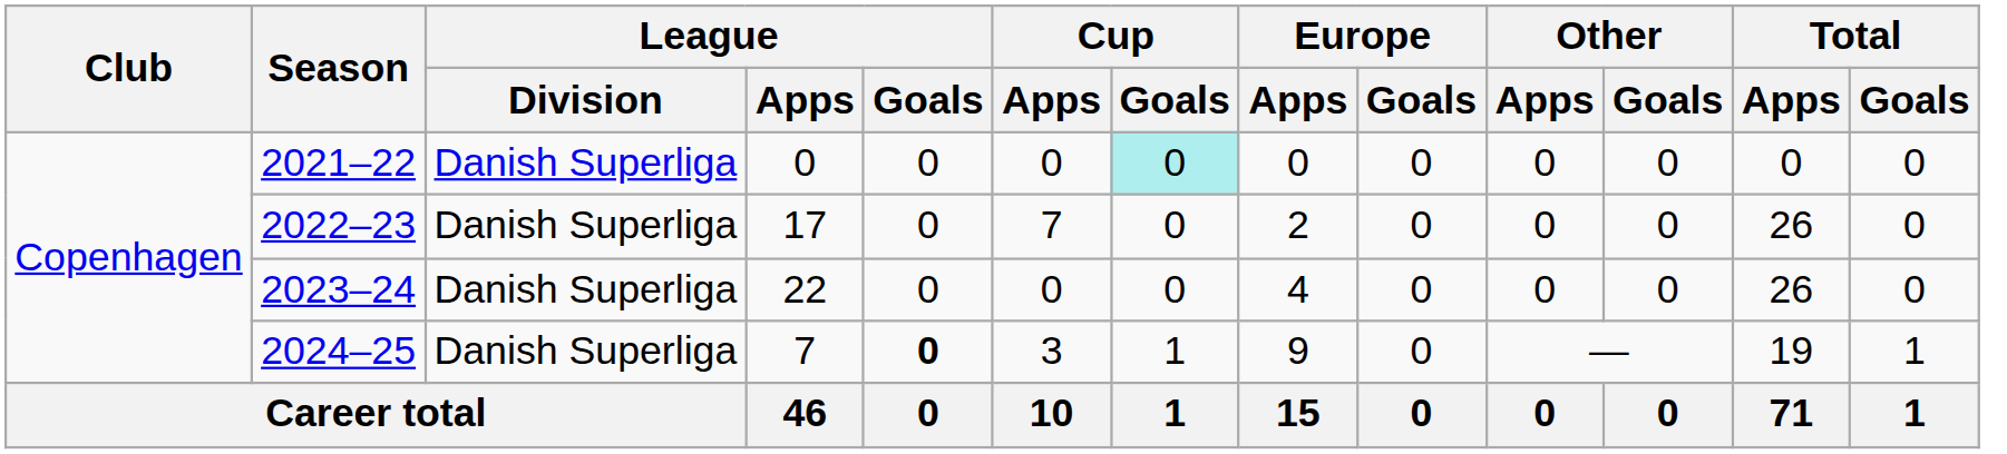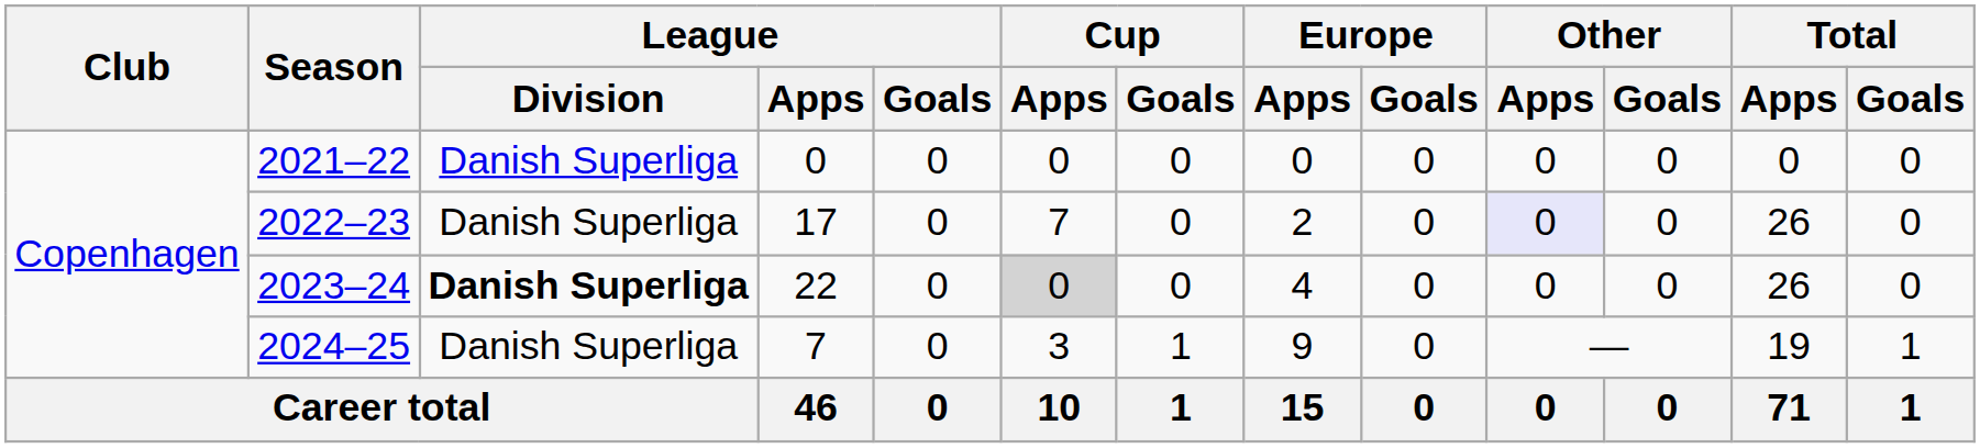 <table class="wikitable" style="text-align:center">
 <tr>
 <th rowspan="2">Club</th>
 <th rowspan="2">Season</th>
 <th colspan="3">League</th>
 <th colspan="2">Cup</th>
 <th colspan="2">Europe</th>
 <th colspan="2">Other</th>
 <th colspan="2">Total</th>
 </tr>
 <tr>
 <th>Division</th>
 <th>Apps</th>
 <th>Goals</th>
 <th>Apps</th>
 <th>Goals</th>
 <th>Apps</th>
 <th>Goals</th>
 <th>Apps</th>
 <th>Goals</th>
 <th>Apps</th>
 <th>Goals</th>
 </tr>
 <tr>
 <td rowspan="4"><a href='#'>Copenhagen</a></td>
 <td><a href='#'>2021–22</a></td>
 <td><a href='#'>Danish Superliga</a></td>
 <td>0</td>
 <td>0</td>
 <td>0</td>
-<td style="background: paleturquoise;">0</td>
+<td>0</td>
 <td>0</td>
 <td>0</td>
 <td>0</td>
 <td>0</td>
 <td>0</td>
 <td>0</td>
 </tr>
 <tr>
 <td><a href='#'>2022–23</a></td>
 <td>Danish Superliga</td>
 <td>17</td>
 <td>0</td>
 <td>7</td>
 <td>0</td>
 <td>2</td>
 <td>0</td>
-<td>0</td>
+<td style="background: lavender;">0</td>
 <td>0</td>
 <td>26</td>
 <td>0</td>
 </tr>
 <tr>
 <td><a href='#'>2023–24</a></td>
-<td>Danish Superliga</td>
+<td><strong>Danish Superliga</strong></td>
 <td>22</td>
 <td>0</td>
-<td>0</td>
+<td style="background: lightgrey;">0</td>
 <td>0</td>
 <td>4</td>
 <td>0</td>
 <td>0</td>
 <td>0</td>
 <td>26</td>
 <td>0</td>
 </tr>
 <tr>
 <td><a href='#'>2024–25</a></td>
 <td>Danish Superliga</td>
 <td>7</td>
-<td><strong>0</strong></td>
+<td>0</td>
 <td>3</td>
 <td>1</td>
 <td>9</td>
 <td>0</td>
 <td colspan="2">—</td>
 <td>19</td>
 <td>1</td>
 </tr>
 <tr>
 <th colspan="3">Career total</th>
 <th>46</th>
 <th>0</th>
 <th>10</th>
 <th>1</th>
 <th>15</th>
 <th>0</th>
 <th>0</th>
 <th>0</th>
 <th>71</th>
 <th>1</th>
 </tr>
 </table>
